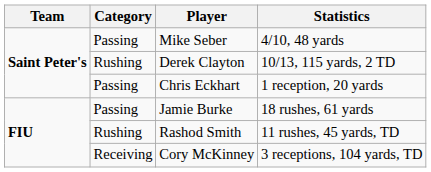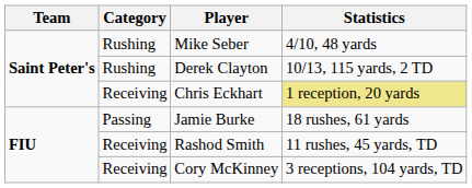 <table class="wikitable" style="float: right;">
 <tr>
 <th>Team</th>
 <th>Category</th>
 <th>Player</th>
 <th>Statistics</th>
 </tr>
 <tr>
 <td rowspan=3><strong>Saint Peter's</strong></td>
-<td>Passing</td>
+<td>Rushing</td>
 <td>Mike Seber</td>
 <td>4/10, 48 yards</td>
 </tr>
 <tr>
 <td>Rushing</td>
 <td>Derek Clayton</td>
 <td>10/13, 115 yards, 2 TD</td>
 </tr>
 <tr>
-<td>Passing</td>
+<td>Receiving</td>
 <td>Chris Eckhart</td>
-<td>1 reception, 20 yards</td>
+<td style="background: khaki;">1 reception, 20 yards</td>
 </tr>
 <tr>
 <td rowspan=3><strong>FIU</strong></td>
 <td>Passing</td>
 <td>Jamie Burke</td>
 <td>18 rushes, 61 yards</td>
 </tr>
 <tr>
-<td>Rushing</td>
+<td>Receiving</td>
 <td>Rashod Smith</td>
 <td>11 rushes, 45 yards, TD</td>
 </tr>
 <tr>
 <td>Receiving</td>
 <td>Cory McKinney</td>
 <td>3 receptions, 104 yards, TD</td>
 </tr>
 </table>
